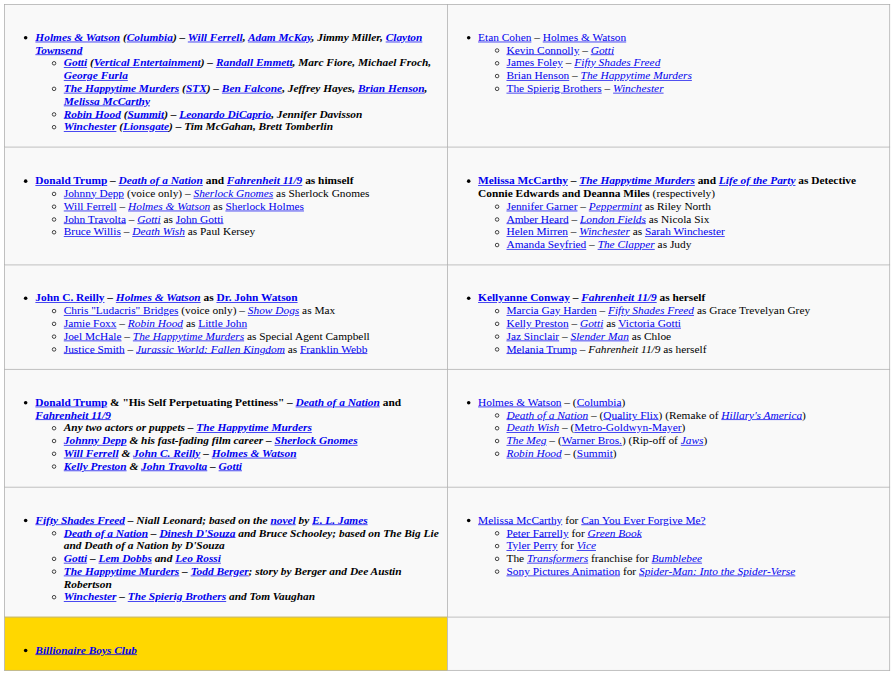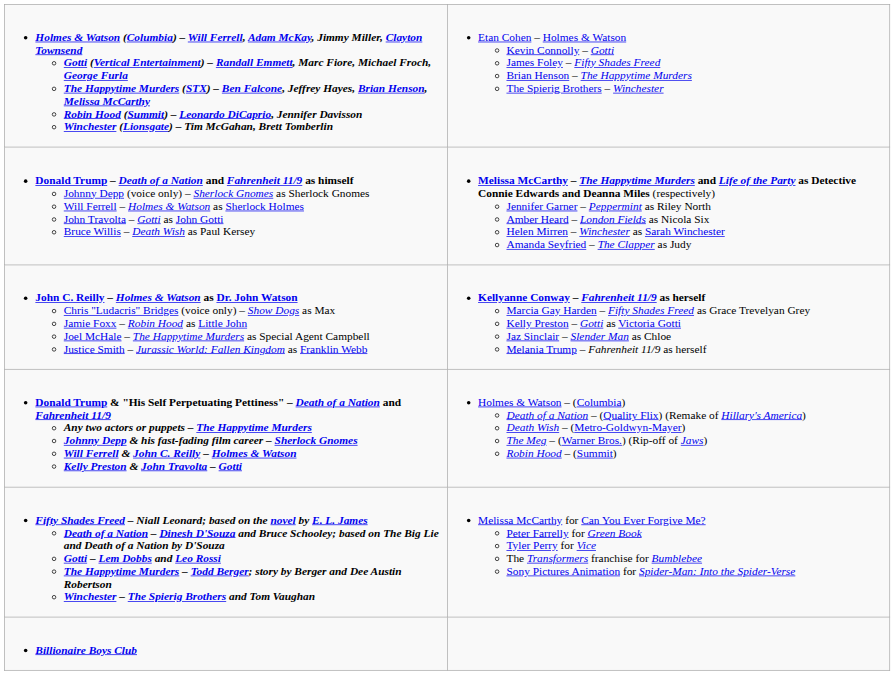 <table class=wikitable>
 <tr>
 <td valign="top" width="50%"><br><ul><li><strong><em><a href='#'>Holmes & Watson</a><em> (<a href='#'>Columbia</a>) – <a href='#'>Will Ferrell</a>, <a href='#'>Adam McKay</a>, Jimmy Miller, <a href='#'>Clayton Townsend</a><strong><ul><li></em><a href='#'>Gotti</a><em> (<a href='#'>Vertical Entertainment</a>) – <a href='#'>Randall Emmett</a>, Marc Fiore, Michael Froch, <a href='#'>George Furla</a></li><li></em><a href='#'>The Happytime Murders</a><em> (<a href='#'>STX</a>) – <a href='#'>Ben Falcone</a>, Jeffrey Hayes, <a href='#'>Brian Henson</a>, <a href='#'>Melissa McCarthy</a></li><li></em><a href='#'>Robin Hood</a><em> (<a href='#'>Summit</a>) – <a href='#'>Leonardo DiCaprio</a>, Jennifer Davisson</li><li></em><a href='#'>Winchester</a><em> (<a href='#'>Lionsgate</a>) – Tim McGahan, Brett Tomberlin</li></ul></li></ul></td>
 <td valign="top" width="50%"><br><ul><li></strong><a href='#'>Etan Cohen</a> – </em><a href='#'>Holmes & Watson</a></em></strong><ul><li><a href='#'>Kevin Connolly</a> – <em><a href='#'>Gotti</a></em></li><li><a href='#'>James Foley</a> – <em><a href='#'>Fifty Shades Freed</a></em></li><li><a href='#'>Brian Henson</a> – <em><a href='#'>The Happytime Murders</a></em></li><li><a href='#'>The Spierig Brothers</a> – <em><a href='#'>Winchester</a></em></li></ul></li></ul></td>
 </tr>
 <tr>
 <td valign="top" width="50%"><br><ul><li><strong><a href='#'>Donald Trump</a> – <em><a href='#'>Death of a Nation</a></em> and <em><a href='#'>Fahrenheit 11/9</a></em> as himself</strong><ul><li><a href='#'>Johnny Depp</a> (voice only) – <em><a href='#'>Sherlock Gnomes</a></em> as Sherlock Gnomes</li><li><a href='#'>Will Ferrell</a> – <em><a href='#'>Holmes & Watson</a></em> as <a href='#'>Sherlock Holmes</a></li><li><a href='#'>John Travolta</a> – <em><a href='#'>Gotti</a></em> as <a href='#'>John Gotti</a></li><li><a href='#'>Bruce Willis</a> – <em><a href='#'>Death Wish</a></em> as Paul Kersey</li></ul></li></ul></td>
 <td valign="top" width="50%"><br><ul><li><strong><a href='#'>Melissa McCarthy</a> – <em><a href='#'>The Happytime Murders</a></em> and <em><a href='#'>Life of the Party</a></em> as Detective Connie Edwards and Deanna Miles</strong> (respectively)<ul><li><a href='#'>Jennifer Garner</a> – <em><a href='#'>Peppermint</a></em> as Riley North</li><li><a href='#'>Amber Heard</a> – <em><a href='#'>London Fields</a></em> as Nicola Six</li><li><a href='#'>Helen Mirren</a> – <em><a href='#'>Winchester</a></em> as <a href='#'>Sarah Winchester</a></li><li><a href='#'>Amanda Seyfried</a> – <em><a href='#'>The Clapper</a></em> as Judy</li></ul></li></ul></td>
 </tr>
 <tr>
 <td valign="top" width="50%"><br><ul><li><strong><a href='#'>John C. Reilly</a> – <em><a href='#'>Holmes & Watson</a></em> as <a href='#'>Dr. John Watson</a></strong><ul><li><a href='#'>Chris "Ludacris" Bridges</a> (voice only) – <em><a href='#'>Show Dogs</a></em> as Max</li><li><a href='#'>Jamie Foxx</a> – <em><a href='#'>Robin Hood</a></em> as <a href='#'>Little John</a></li><li><a href='#'>Joel McHale</a> – <em><a href='#'>The Happytime Murders</a></em> as Special Agent Campbell</li><li><a href='#'>Justice Smith</a> – <em><a href='#'>Jurassic World: Fallen Kingdom</a></em> as <a href='#'>Franklin Webb</a></li></ul></li></ul></td>
 <td valign="top" width="50%"><br><ul><li><strong><a href='#'>Kellyanne Conway</a> – <em><a href='#'>Fahrenheit 11/9</a></em> as herself</strong><ul><li><a href='#'>Marcia Gay Harden</a> – <em><a href='#'>Fifty Shades Freed</a></em> as Grace Trevelyan Grey</li><li><a href='#'>Kelly Preston</a> – <em><a href='#'>Gotti</a></em> as <a href='#'>Victoria Gotti</a></li><li><a href='#'>Jaz Sinclair</a> – <em><a href='#'>Slender Man</a></em> as Chloe</li><li><a href='#'>Melania Trump</a> – <em>Fahrenheit 11/9</em> as herself</li></ul></li></ul></td>
 </tr>
 <tr>
 <td valign="top" width="50%"><br><ul><li><strong><a href='#'>Donald Trump</a>  & "His Self Perpetuating Pettiness" – <em><a href='#'>Death of a Nation</a></em> and <em><a href='#'>Fahrenheit 11/9</a><strong><em><ul><li>Any two actors or puppets – </em><a href='#'>The Happytime Murders</a><em></li><li><a href='#'>Johnny Depp</a> & his fast-fading film career – </em><a href='#'>Sherlock Gnomes</a><em></li><li><a href='#'>Will Ferrell</a> & <a href='#'>John C. Reilly</a> – </em><a href='#'>Holmes & Watson</a><em></li><li><a href='#'>Kelly Preston</a> & <a href='#'>John Travolta</a> – </em><a href='#'>Gotti</a><em></li></ul></li></ul></td>
 <td valign="top" width="50%"><br><ul><li></em></strong><a href='#'>Holmes & Watson</a></em> – (<a href='#'>Columbia</a>)</strong><ul><li><em><a href='#'>Death of a Nation</a></em> – (<a href='#'>Quality Flix</a>) (Remake of <em><a href='#'>Hillary's America</a></em>)</li><li><em><a href='#'>Death Wish</a></em> – (<a href='#'>Metro-Goldwyn-Mayer</a>)</li><li><em><a href='#'>The Meg</a></em> – (<a href='#'>Warner Bros.</a>) (Rip-off of <em><a href='#'>Jaws</a></em>)</li><li><em><a href='#'>Robin Hood</a></em> – (<a href='#'>Summit</a>)</li></ul></li></ul></td>
 </tr>
 <tr>
 <td valign="top" width="50%"><br><ul><li><strong><em><a href='#'>Fifty Shades Freed</a><em> – Niall Leonard; based on the <a href='#'>novel</a> by <a href='#'>E. L. James</a><strong><ul><li></em><a href='#'>Death of a Nation</a><em> – <a href='#'>Dinesh D'Souza</a> and Bruce Schooley; based on </em>The Big Lie<em> and </em>Death of a Nation<em> by D'Souza</li><li></em><a href='#'>Gotti</a><em> – <a href='#'>Lem Dobbs</a> and <a href='#'>Leo Rossi</a></li><li></em><a href='#'>The Happytime Murders</a><em> – <a href='#'>Todd Berger</a>; story by Berger and Dee Austin Robertson</li><li></em><a href='#'>Winchester</a><em> – <a href='#'>The Spierig Brothers</a> and Tom Vaughan</li></ul></li></ul></td>
 <td valign="top" width="50%"><br><ul><li></strong><a href='#'>Melissa McCarthy</a> for </em><a href='#'>Can You Ever Forgive Me?</a></em></strong><ul><li><a href='#'>Peter Farrelly</a> for <em><a href='#'>Green Book</a></em></li><li><a href='#'>Tyler Perry</a> for <em><a href='#'>Vice</a></em></li><li>The <a href='#'><em>Transformers</em></a> franchise for <em><a href='#'>Bumblebee</a></em></li><li><a href='#'>Sony Pictures Animation</a> for <em><a href='#'>Spider-Man: Into the Spider-Verse</a></em></li></ul></li></ul></td>
 </tr>
 <tr>
-<td valign="top" width="50%" style="background: gold;"><br><ul><li><strong><em><a href='#'>Billionaire Boys Club</a></em></strong></li></ul></td>
+<td valign="top" width="50%"><br><ul><li><strong><em><a href='#'>Billionaire Boys Club</a></em></strong></li></ul></td>
 </tr>
 </table>
